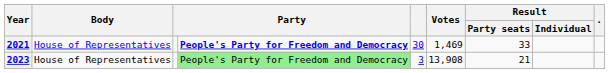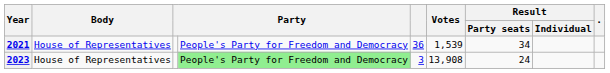 <table class="wikitable plainrowheaders sortable" border=2 cellpadding=4 cellspacing=0 style="border: 1px #aaa solid; font-size: 90%; text-align:center;">
 <tr>
 <th scope="col" rowspan=2>Year</th>
 <th scope="col" rowspan=2>Body</th>
 <th scope="col" colspan=2 rowspan=2>Party</th>
 <th scope="col" rowspan=2></th>
 <th scope="col" rowspan=2>Votes</th>
 <th scope="colgroup" colspan=2>Result</th>
 <th scope="col" rowspan=2 class="unsortable">.</th>
 </tr>
 <tr>
 <th scope="col">Party seats</th>
 <th scope="col">Individual</th>
 </tr>
 <tr>
 <th scope="row"><a href='#'>2021</a></th>
 <td><a href='#'>House of Representatives</a></td>
 <td style="background-color:"></td>
-<td><strong><a href='#'>People's Party for Freedom and Democracy</a></strong></td>
-<td style=text-align:right><a href='#'>30</a></td>
-<td style=text-align:right>1,469</td>
-<td style=text-align:right>33</td>
+<td><a href='#'>People's Party for Freedom and Democracy</a></td>
+<td style=text-align:right><a href='#'>36</a></td>
+<td style=text-align:right>1,539</td>
+<td style=text-align:right>34</td>
 <td></td>
 <td></td>
 </tr>
 <tr>
 <th scope="row"><a href='#'>2023</a></th>
 <td>House of Representatives</td>
 <td style="background-color:"></td>
 <td style="background: lightgreen;">People's Party for Freedom and Democracy</td>
 <td style=text-align:right><a href='#'>3</a></td>
 <td style=text-align:right>13,908</td>
-<td style=text-align:right>21</td>
+<td style=text-align:right>24</td>
 <td></td>
 <td></td>
 </tr>
 </table>
